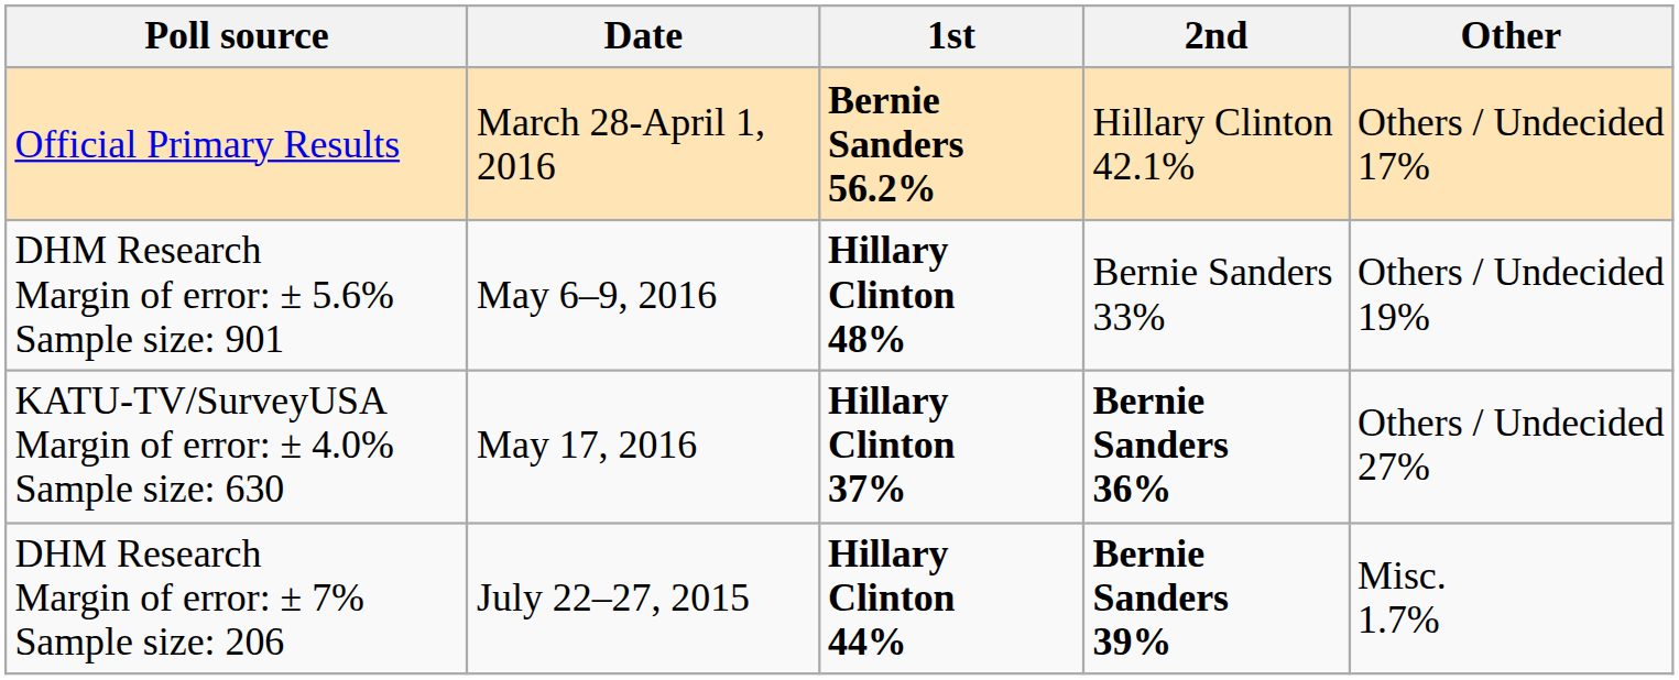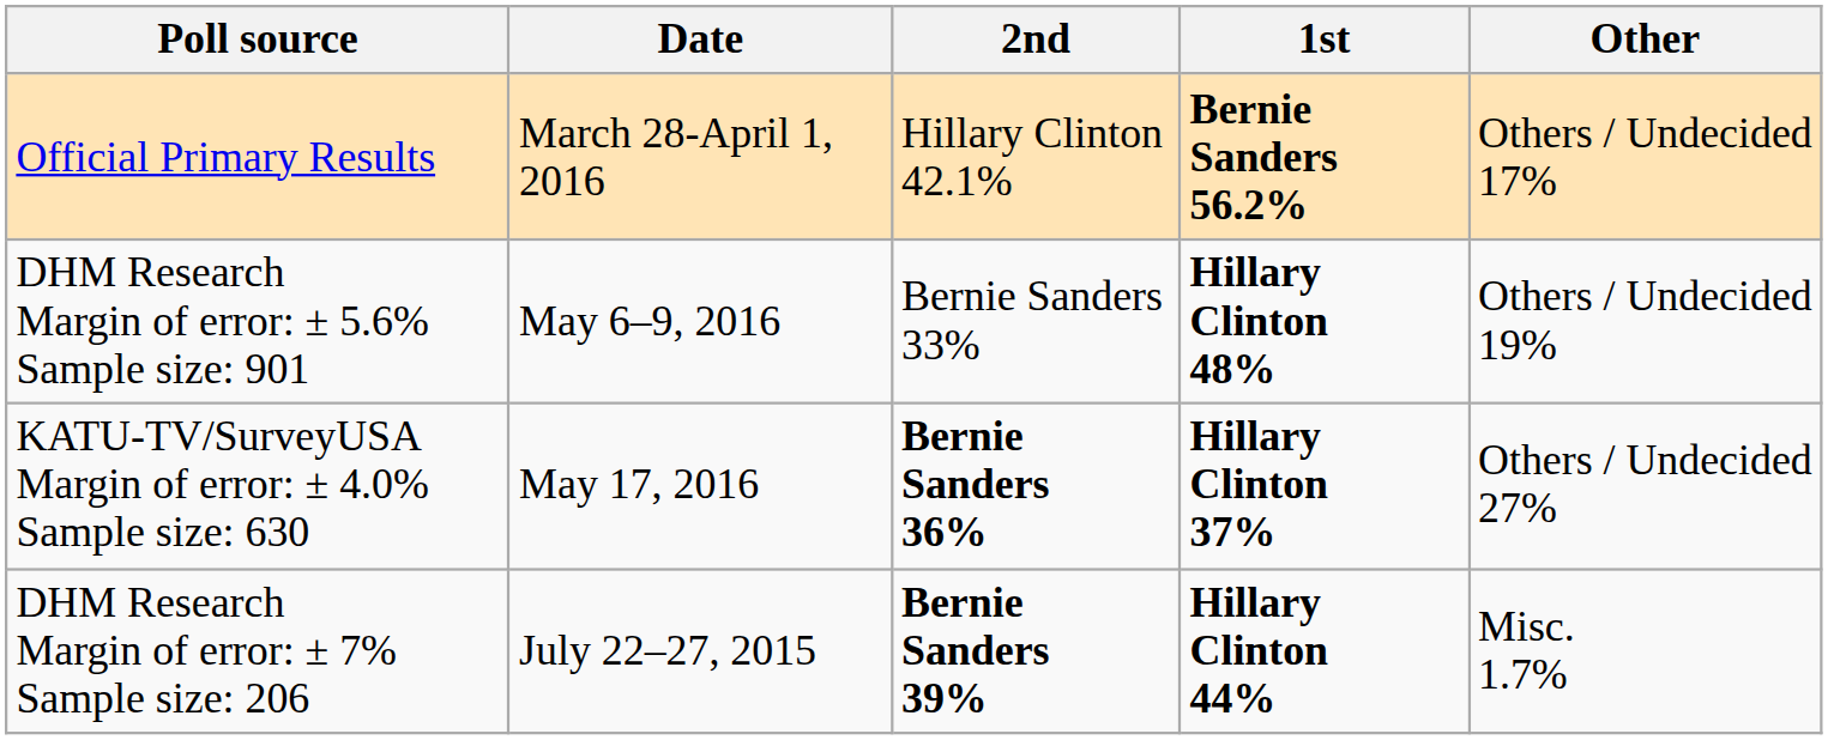 <table class="wikitable">
 <tr>
 <th style="width:180px;">Poll source</th>
 <th style="width:135px;">Date</th>
+<th style="width:100px;">2nd</th>
 <th style="width:100px;">1st</th>
-<th style="width:100px;">2nd</th>
 <th>Other</th>
 </tr>
 <tr style="background:Moccasin;">
 <td><a href='#'>Official Primary Results</a></td>
 <td>March 28-April 1, 2016</td>
+<td>Hillary Clinton<br>42.1%</td>
 <td><strong>Bernie Sanders<br>56.2%</strong></td>
-<td>Hillary Clinton<br>42.1%</td>
 <td>Others / Undecided<br>17%</td>
 </tr>
 <tr>
 <td>DHM Research<br>Margin of error: ± 5.6% <br>Sample size: 901</td>
 <td>May 6–9, 2016</td>
+<td>Bernie Sanders<br>33%</td>
 <td><strong>Hillary Clinton<br>48%</strong></td>
-<td>Bernie Sanders<br>33%</td>
 <td>Others / Undecided<br>19%</td>
 </tr>
 <tr>
 <td>KATU-TV/SurveyUSA<br>Margin of error: ± 4.0% <br>Sample size: 630</td>
 <td>May 17, 2016</td>
+<td><strong>Bernie Sanders<br>36%</strong></td>
 <td><strong>Hillary Clinton<br>37%</strong></td>
-<td><strong>Bernie Sanders<br>36%</strong></td>
 <td>Others / Undecided<br>27%</td>
 </tr>
 <tr>
 <td>DHM Research<br>Margin of error: ± 7% <br>Sample size: 206</td>
 <td>July 22–27, 2015</td>
+<td><strong>Bernie Sanders<br>39%</strong></td>
 <td><strong>Hillary Clinton<br>44%</strong></td>
-<td><strong>Bernie Sanders<br>39%</strong></td>
 <td>Misc.<br>1.7%</td>
 </tr>
 </table>
